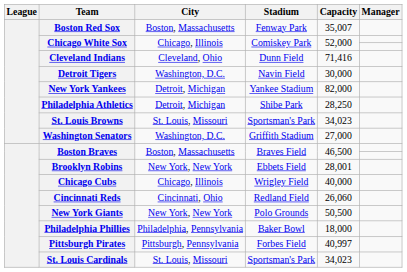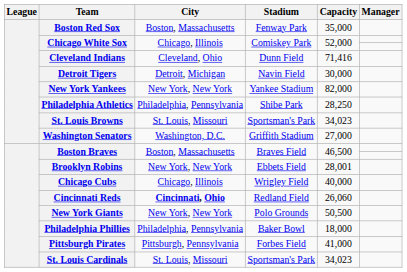 <table class="wikitable sortable plainrowheaders" style="text-align:center;">
 <tr>
 <th scope="col">League</th>
 <th scope="col">Team</th>
 <th scope="col">City</th>
 <th scope="col">Stadium</th>
 <th scope="col">Capacity</th>
 <th scope="col">Manager</th>
 </tr>
 <tr>
 <th rowspan="9"></th>
 <th scope="row"><a href='#'>Boston Red Sox</a></th>
 <td><a href='#'>Boston</a>, <a href='#'>Massachusetts</a></td>
 <td><a href='#'>Fenway Park</a></td>
-<td>35,007</td>
+<td>35,000</td>
 <td></td>
 </tr>
 <tr>
 <th rowspan="2" scope="row"><a href='#'>Chicago White Sox</a></th>
 <td rowspan="2"><a href='#'>Chicago</a>, <a href='#'>Illinois</a></td>
 <td rowspan="2"><a href='#'>Comiskey Park</a></td>
 <td rowspan="2">52,000</td>
 <td></td>
 </tr>
 <tr>
 <td></td>
 </tr>
 <tr>
 <th scope="row"><a href='#'>Cleveland Indians</a></th>
 <td><a href='#'>Cleveland</a>, <a href='#'>Ohio</a></td>
 <td><a href='#'>Dunn Field</a></td>
 <td>71,416</td>
 <td></td>
 </tr>
 <tr>
 <th scope="row"><a href='#'>Detroit Tigers</a></th>
-<td><a href='#'>Washington, D.C.</a></td>
+<td><a href='#'>Detroit</a>, <a href='#'>Michigan</a></td>
 <td><a href='#'>Navin Field</a></td>
 <td>30,000</td>
 <td></td>
 </tr>
 <tr>
 <th scope="row"><a href='#'>New York Yankees</a></th>
-<td><a href='#'>Detroit</a>, <a href='#'>Michigan</a></td>
+<td><a href='#'>New York</a>, <a href='#'>New York</a></td>
 <td><a href='#'>Yankee Stadium</a></td>
 <td>82,000</td>
 <td></td>
 </tr>
 <tr>
 <th scope="row"><a href='#'>Philadelphia Athletics</a></th>
-<td><a href='#'>Detroit</a>, <a href='#'>Michigan</a></td>
+<td><a href='#'>Philadelphia</a>, <a href='#'>Pennsylvania</a></td>
 <td><a href='#'>Shibe Park</a></td>
 <td>28,250</td>
 <td></td>
 </tr>
 <tr>
 <th scope="row"><a href='#'>St. Louis Browns</a></th>
 <td><a href='#'>St. Louis</a>, <a href='#'>Missouri</a></td>
 <td><a href='#'>Sportsman's Park</a></td>
 <td>34,023</td>
 <td></td>
 </tr>
 <tr>
 <th scope="row"><a href='#'>Washington Senators</a></th>
 <td><a href='#'>Washington, D.C.</a></td>
 <td><a href='#'>Griffith Stadium</a></td>
 <td>27,000</td>
 <td></td>
 </tr>
 <tr>
 <th rowspan="9"></th>
 <th rowspan="2" scope="row"><a href='#'>Boston Braves</a></th>
 <td rowspan="2"><a href='#'>Boston</a>, <a href='#'>Massachusetts</a></td>
 <td rowspan="2"><a href='#'>Braves Field</a></td>
 <td rowspan="2">46,500</td>
 <td></td>
 </tr>
 <tr>
 <td></td>
 </tr>
 <tr>
 <th scope="row"><a href='#'>Brooklyn Robins</a></th>
 <td><a href='#'>New York</a>, <a href='#'>New York</a></td>
 <td><a href='#'>Ebbets Field</a></td>
 <td>28,001</td>
 <td></td>
 </tr>
 <tr>
 <th scope="row"><a href='#'>Chicago Cubs</a></th>
 <td><a href='#'>Chicago</a>, <a href='#'>Illinois</a></td>
 <td><a href='#'>Wrigley Field</a></td>
 <td>40,000</td>
 <td></td>
 </tr>
 <tr>
 <th scope="row"><a href='#'>Cincinnati Reds</a></th>
-<td><a href='#'>Cincinnati</a>, <a href='#'>Ohio</a></td>
+<td><strong><a href='#'>Cincinnati</a>, <a href='#'>Ohio</a></strong></td>
 <td><a href='#'>Redland Field</a></td>
 <td>26,060</td>
 <td></td>
 </tr>
 <tr>
 <th scope="row"><a href='#'>New York Giants</a></th>
 <td><a href='#'>New York</a>, <a href='#'>New York</a></td>
 <td><a href='#'>Polo Grounds</a></td>
 <td>50,500</td>
 <td></td>
 </tr>
 <tr>
 <th scope="row"><a href='#'>Philadelphia Phillies</a></th>
 <td><a href='#'>Philadelphia</a>, <a href='#'>Pennsylvania</a></td>
 <td><a href='#'>Baker Bowl</a></td>
 <td>18,000</td>
 <td></td>
 </tr>
 <tr>
 <th scope="row"><a href='#'>Pittsburgh Pirates</a></th>
 <td><a href='#'>Pittsburgh</a>, <a href='#'>Pennsylvania</a></td>
 <td><a href='#'>Forbes Field</a></td>
-<td>40,997</td>
+<td>41,000</td>
 <td></td>
 </tr>
 <tr>
 <th scope="row"><a href='#'>St. Louis Cardinals</a></th>
 <td><a href='#'>St. Louis</a>, <a href='#'>Missouri</a></td>
 <td><a href='#'>Sportsman's Park</a></td>
 <td>34,023</td>
 <td></td>
 </tr>
 </table>
